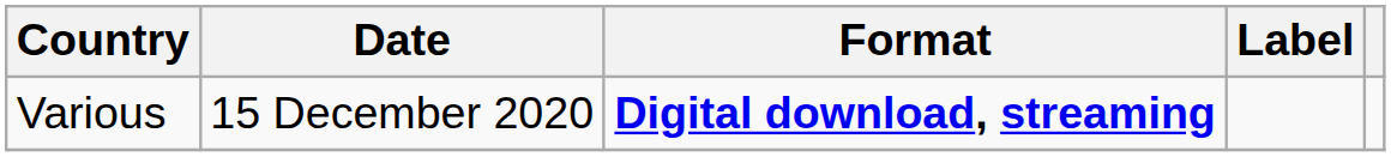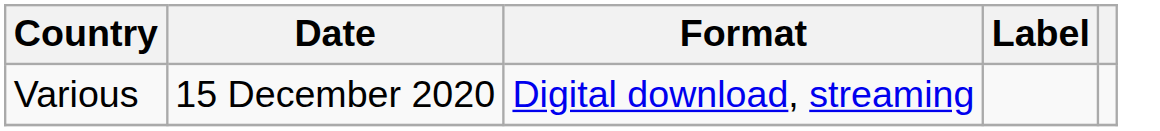 <table class="wikitable">
 <tr>
 <th>Country</th>
 <th>Date</th>
 <th>Format</th>
 <th>Label</th>
 <th></th>
 </tr>
 <tr>
 <td rowspan="1">Various</td>
 <td>15 December 2020</td>
-<td rowspan="1"><strong><a href='#'>Digital download</a>, <a href='#'>streaming</a></strong></td>
+<td rowspan="1"><a href='#'>Digital download</a>, <a href='#'>streaming</a></td>
 <td rowspan="1"></td>
 <td></td>
 </tr>
 <tr>
 </tr>
 </table>
